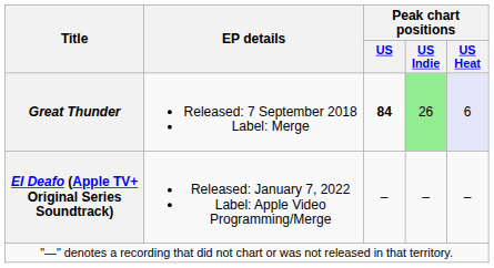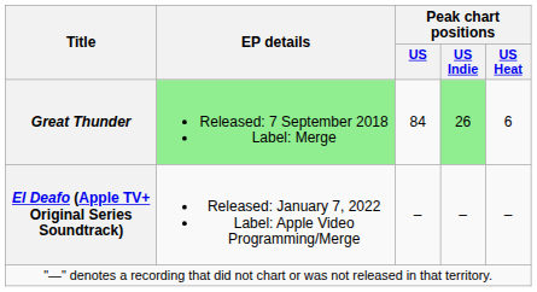 <table class="wikitable plainrowheaders" style="text-align:center;">
 <tr>
 <th scope="col" rowspan="2" style="width:10em;">Title</th>
 <th scope="col" rowspan="2" style="width:16em;">EP details</th>
 <th scope="col" colspan="3">Peak chart positions</th>
 </tr>
 <tr>
 <th scope="col" style="width:3em;font-size:90%;"><a href='#'>US<br></a><br></th>
 <th scope="col" style="width:3em;font-size:90%;"><a href='#'>US<br> Indie</a><br></th>
 <th scope="col" style="width:3em;font-size:90%;"><a href='#'>US<br>Heat</a><br></th>
 </tr>
 <tr>
 <th scope="row"><em>Great Thunder</em></th>
-<td><br><ul><li>Released: 7 September 2018</li><li>Label: Merge</li></ul></td>
-<td><strong>84</strong></td>
+<td style="background: lightgreen;"><br><ul><li>Released: 7 September 2018</li><li>Label: Merge</li></ul></td>
+<td>84</td>
 <td style="background: lightgreen;">26</td>
-<td style="background: lavender;">6</td>
+<td>6</td>
 </tr>
 <tr>
 <th scope="row"><em><a href='#'>El Deafo</a></em> (<a href='#'>Apple TV+</a> Original Series Soundtrack)</th>
 <td><br><ul><li>Released: January 7, 2022</li><li>Label: Apple Video Programming/Merge</li></ul></td>
 <td>–</td>
 <td>–</td>
 <td>–</td>
 </tr>
 <tr>
 <td colspan="10" style="font-size:90%">"—" denotes a recording that did not chart or was not released in that territory.</td>
 </tr>
 </table>
